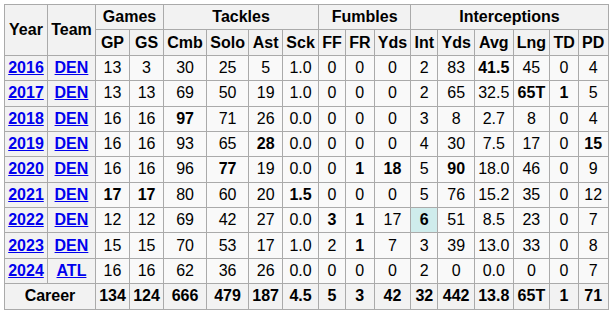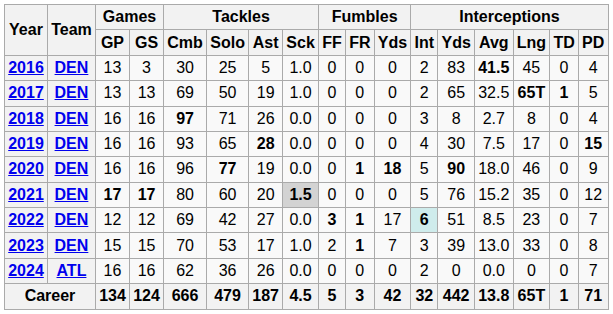 <table class=wikitable style="text-align:center;">
 <tr>
 <th rowspan="2">Year</th>
 <th rowspan="2">Team</th>
 <th colspan="2">Games</th>
 <th colspan="4">Tackles</th>
 <th colspan="3">Fumbles</th>
 <th colspan="6">Interceptions</th>
 </tr>
 <tr>
 <th>GP</th>
 <th>GS</th>
 <th>Cmb</th>
 <th>Solo</th>
 <th>Ast</th>
 <th>Sck</th>
 <th>FF</th>
 <th>FR</th>
 <th>Yds</th>
 <th>Int</th>
 <th>Yds</th>
 <th>Avg</th>
 <th>Lng</th>
 <th>TD</th>
 <th>PD</th>
 </tr>
 <tr>
 <th><a href='#'>2016</a></th>
 <th><a href='#'>DEN</a></th>
 <td>13</td>
 <td>3</td>
 <td>30</td>
 <td>25</td>
 <td>5</td>
 <td>1.0</td>
 <td>0</td>
 <td>0</td>
 <td>0</td>
 <td>2</td>
 <td>83</td>
 <td><strong>41.5</strong></td>
 <td>45</td>
 <td>0</td>
 <td>4</td>
 </tr>
 <tr>
 <th><a href='#'>2017</a></th>
 <th><a href='#'>DEN</a></th>
 <td>13</td>
 <td>13</td>
 <td>69</td>
 <td>50</td>
 <td>19</td>
 <td>1.0</td>
 <td>0</td>
 <td>0</td>
 <td>0</td>
 <td>2</td>
 <td>65</td>
 <td>32.5</td>
 <td><strong>65T</strong></td>
 <td><strong>1</strong></td>
 <td>5</td>
 </tr>
 <tr>
 <th><a href='#'>2018</a></th>
 <th><a href='#'>DEN</a></th>
 <td>16</td>
 <td>16</td>
 <td><strong>97</strong></td>
 <td>71</td>
 <td>26</td>
 <td>0.0</td>
 <td>0</td>
 <td>0</td>
 <td>0</td>
 <td>3</td>
 <td>8</td>
 <td>2.7</td>
 <td>8</td>
 <td>0</td>
 <td>4</td>
 </tr>
 <tr>
 <th><a href='#'>2019</a></th>
 <th><a href='#'>DEN</a></th>
 <td>16</td>
 <td>16</td>
 <td>93</td>
 <td>65</td>
 <td><strong>28</strong></td>
 <td>0.0</td>
 <td>0</td>
 <td>0</td>
 <td>0</td>
 <td>4</td>
 <td>30</td>
 <td>7.5</td>
 <td>17</td>
 <td>0</td>
 <td><strong>15</strong></td>
 </tr>
 <tr>
 <th><a href='#'>2020</a></th>
 <th><a href='#'>DEN</a></th>
 <td>16</td>
 <td>16</td>
 <td>96</td>
 <td><strong>77</strong></td>
 <td>19</td>
 <td>0.0</td>
 <td>0</td>
 <td><strong>1</strong></td>
 <td><strong>18</strong></td>
 <td>5</td>
 <td><strong>90</strong></td>
 <td>18.0</td>
 <td>46</td>
 <td>0</td>
 <td>9</td>
 </tr>
 <tr>
 <th><a href='#'>2021</a></th>
 <th><a href='#'>DEN</a></th>
 <td><strong>17</strong></td>
 <td><strong>17</strong></td>
 <td>80</td>
 <td>60</td>
 <td>20</td>
-<td><strong>1.5</strong></td>
+<td style="background: lightgrey;"><strong>1.5</strong></td>
 <td>0</td>
 <td>0</td>
 <td>0</td>
 <td>5</td>
 <td>76</td>
 <td>15.2</td>
 <td>35</td>
 <td>0</td>
 <td>12</td>
 </tr>
 <tr>
 <th><a href='#'>2022</a></th>
 <th><a href='#'>DEN</a></th>
 <td>12</td>
 <td>12</td>
 <td>69</td>
 <td>42</td>
 <td>27</td>
 <td>0.0</td>
 <td><strong>3</strong></td>
 <td><strong>1</strong></td>
 <td>17</td>
 <td style="background:#cfecec;"><strong>6</strong></td>
 <td>51</td>
 <td>8.5</td>
 <td>23</td>
 <td>0</td>
 <td>7</td>
 </tr>
 <tr>
 <th><a href='#'>2023</a></th>
 <th><a href='#'>DEN</a></th>
 <td>15</td>
 <td>15</td>
 <td>70</td>
 <td>53</td>
 <td>17</td>
 <td>1.0</td>
 <td>2</td>
 <td><strong>1</strong></td>
 <td>7</td>
 <td>3</td>
 <td>39</td>
 <td>13.0</td>
 <td>33</td>
 <td>0</td>
 <td>8</td>
 </tr>
 <tr>
 <th><a href='#'>2024</a></th>
 <th><a href='#'>ATL</a></th>
 <td>16</td>
 <td>16</td>
 <td>62</td>
 <td>36</td>
 <td>26</td>
 <td>0.0</td>
 <td>0</td>
 <td>0</td>
 <td>0</td>
 <td>2</td>
 <td>0</td>
 <td>0.0</td>
 <td>0</td>
 <td>0</td>
 <td>7</td>
 </tr>
 <tr>
 <th colspan="2">Career</th>
 <th>134</th>
 <th>124</th>
 <th>666</th>
 <th>479</th>
 <th>187</th>
 <th>4.5</th>
 <th>5</th>
 <th>3</th>
 <th>42</th>
 <th>32</th>
 <th>442</th>
 <th>13.8</th>
 <th>65T</th>
 <th>1</th>
 <th>71</th>
 </tr>
 </table>
